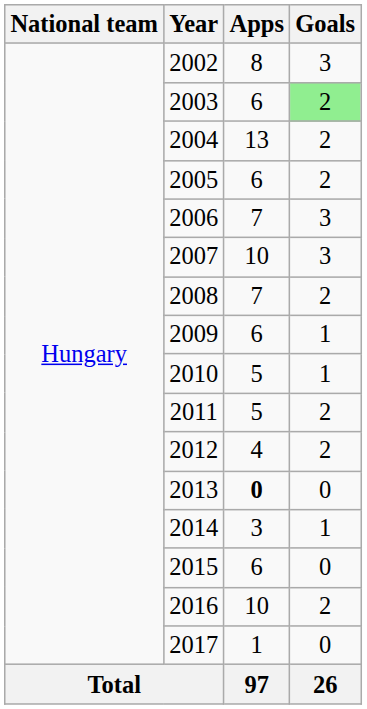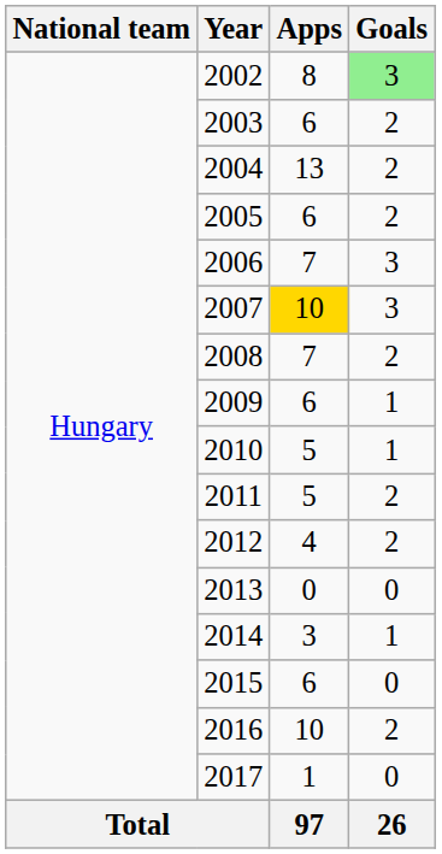 <table class="wikitable" style="text-align:center">
 <tr>
 <th>National team</th>
 <th>Year</th>
 <th>Apps</th>
 <th>Goals</th>
 </tr>
 <tr>
 <td rowspan="16"><a href='#'>Hungary</a></td>
 <td>2002</td>
 <td>8</td>
-<td>3</td>
+<td style="background: lightgreen;">3</td>
 </tr>
 <tr>
 <td>2003</td>
 <td>6</td>
-<td style="background: lightgreen;">2</td>
+<td>2</td>
 </tr>
 <tr>
 <td>2004</td>
 <td>13</td>
 <td>2</td>
 </tr>
 <tr>
 <td>2005</td>
 <td>6</td>
 <td>2</td>
 </tr>
 <tr>
 <td>2006</td>
 <td>7</td>
 <td>3</td>
 </tr>
 <tr>
 <td>2007</td>
-<td>10</td>
+<td style="background: gold;">10</td>
 <td>3</td>
 </tr>
 <tr>
 <td>2008</td>
 <td>7</td>
 <td>2</td>
 </tr>
 <tr>
 <td>2009</td>
 <td>6</td>
 <td>1</td>
 </tr>
 <tr>
 <td>2010</td>
 <td>5</td>
 <td>1</td>
 </tr>
 <tr>
 <td>2011</td>
 <td>5</td>
 <td>2</td>
 </tr>
 <tr>
 <td>2012</td>
 <td>4</td>
 <td>2</td>
 </tr>
 <tr>
 <td>2013</td>
-<td><strong>0</strong></td>
+<td>0</td>
 <td>0</td>
 </tr>
 <tr>
 <td>2014</td>
 <td>3</td>
 <td>1</td>
 </tr>
 <tr>
 <td>2015</td>
 <td>6</td>
 <td>0</td>
 </tr>
 <tr>
 <td>2016</td>
 <td>10</td>
 <td>2</td>
 </tr>
 <tr>
 <td>2017</td>
 <td>1</td>
 <td>0</td>
 </tr>
 <tr>
 <th colspan="2">Total</th>
 <th>97</th>
 <th>26</th>
 </tr>
 </table>
